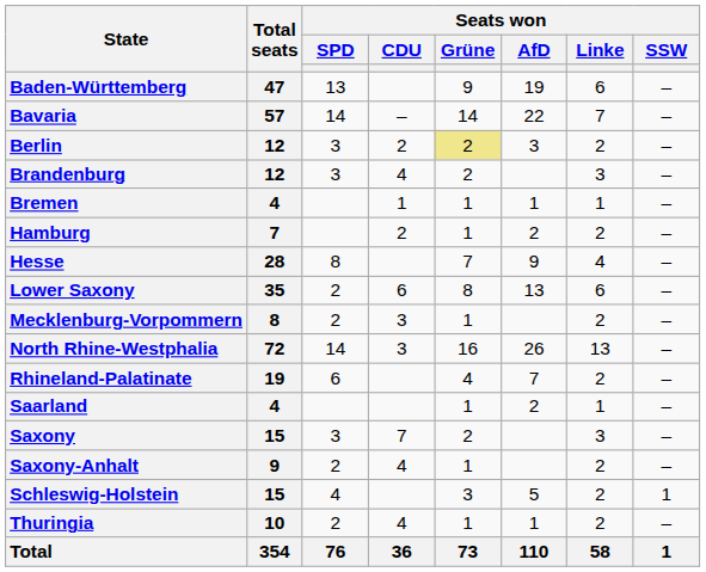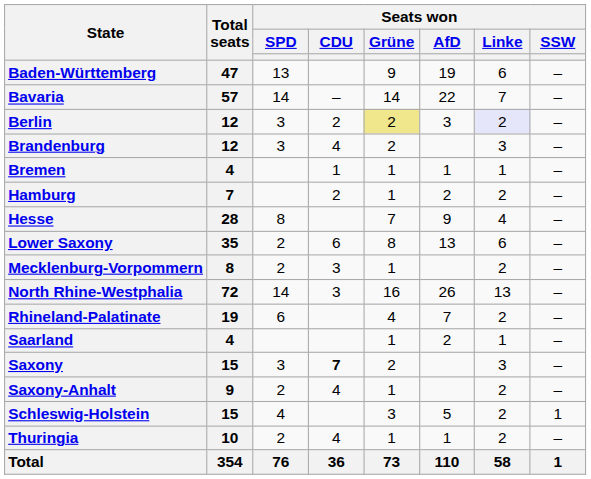 <table class="wikitable" style="text-align:center; font-size: 0.9em;">
 <tr>
 <th rowspan="3">State</th>
 <th rowspan="3">Total<br>seats</th>
 <th colspan="6">Seats won</th>
 </tr>
 <tr>
 <th class="unsortable" style="width:45px;"><a href='#'>SPD</a></th>
 <th class="unsortable" style="width:45px;"><a href='#'>CDU</a></th>
 <th class="unsortable" style="width:45px;"><a href='#'>Grüne</a></th>
 <th class="unsortable" style="width:45px;"><a href='#'>AfD</a></th>
 <th class="unsortable" style="width:45px;"><a href='#'>Linke</a></th>
 <th class="unsortable" style="width:45px;"><a href='#'>SSW</a></th>
 </tr>
 <tr>
 <th style="background:"></th>
 <th style="background:"></th>
 <th style="background:"></th>
 <th style="background:"></th>
 <th style="background:"></th>
 <th style="background:"></th>
 </tr>
 <tr>
 <th style="text-align: left;"><a href='#'>Baden-Württemberg</a></th>
 <th>47</th>
 <td>13</td>
 <td></td>
 <td>9</td>
 <td>19</td>
 <td>6</td>
 <td>–</td>
 </tr>
 <tr>
 <th style="text-align: left;"><a href='#'>Bavaria</a></th>
 <th>57</th>
 <td>14</td>
 <td>–</td>
 <td>14</td>
 <td>22</td>
 <td>7</td>
 <td>–</td>
 </tr>
 <tr>
 <th style="text-align: left;"><a href='#'>Berlin</a></th>
 <th>12</th>
 <td>3</td>
 <td>2</td>
 <td style="background: khaki;">2</td>
 <td>3</td>
-<td>2</td>
+<td style="background: lavender;">2</td>
 <td>–</td>
 </tr>
 <tr>
 <th style="text-align: left;"><a href='#'>Brandenburg</a></th>
 <th>12</th>
 <td>3</td>
 <td>4</td>
 <td>2</td>
 <td></td>
 <td>3</td>
 <td>–</td>
 </tr>
 <tr>
 <th style="text-align: left;"><a href='#'>Bremen</a></th>
 <th>4</th>
 <td></td>
 <td>1</td>
 <td>1</td>
 <td>1</td>
 <td>1</td>
 <td>–</td>
 </tr>
 <tr>
 <th style="text-align: left;"><a href='#'>Hamburg</a></th>
 <th>7</th>
 <td></td>
 <td>2</td>
 <td>1</td>
 <td>2</td>
 <td>2</td>
 <td>–</td>
 </tr>
 <tr>
 <th style="text-align: left;"><a href='#'>Hesse</a></th>
 <th>28</th>
 <td>8</td>
 <td></td>
 <td>7</td>
 <td>9</td>
 <td>4</td>
 <td>–</td>
 </tr>
 <tr>
 <th style="text-align: left;"><a href='#'>Lower Saxony</a></th>
 <th>35</th>
 <td>2</td>
 <td>6</td>
 <td>8</td>
 <td>13</td>
 <td>6</td>
 <td>–</td>
 </tr>
 <tr>
 <th style="text-align: left;"><a href='#'>Mecklenburg-Vorpommern</a></th>
 <th>8</th>
 <td>2</td>
 <td>3</td>
 <td>1</td>
 <td></td>
 <td>2</td>
 <td>–</td>
 </tr>
 <tr>
 <th style="text-align: left;"><a href='#'>North Rhine-Westphalia</a></th>
 <th>72</th>
 <td>14</td>
 <td>3</td>
 <td>16</td>
 <td>26</td>
 <td>13</td>
 <td>–</td>
 </tr>
 <tr class="sortbottom">
 <th style="text-align: left;"><a href='#'>Rhineland-Palatinate</a></th>
 <th>19</th>
 <td>6</td>
 <td></td>
 <td>4</td>
 <td>7</td>
 <td>2</td>
 <td>–</td>
 </tr>
 <tr>
 <th style="text-align: left;"><a href='#'>Saarland</a></th>
 <th>4</th>
 <td></td>
 <td></td>
 <td>1</td>
 <td>2</td>
 <td>1</td>
 <td>–</td>
 </tr>
 <tr>
 <th style="text-align: left;"><a href='#'>Saxony</a></th>
 <th>15</th>
 <td>3</td>
-<td>7</td>
+<td><strong>7</strong></td>
 <td>2</td>
 <td></td>
 <td>3</td>
 <td>–</td>
 </tr>
 <tr>
 <th style="text-align: left;"><a href='#'>Saxony-Anhalt</a></th>
 <th>9</th>
 <td>2</td>
 <td>4</td>
 <td>1</td>
 <td></td>
 <td>2</td>
 <td>–</td>
 </tr>
 <tr>
 <th style="text-align: left;"><a href='#'>Schleswig-Holstein</a></th>
 <th>15</th>
 <td>4</td>
 <td></td>
 <td>3</td>
 <td>5</td>
 <td>2</td>
 <td>1</td>
 </tr>
 <tr>
 <th style="text-align: left;"><a href='#'>Thuringia</a></th>
 <th>10</th>
 <td>2</td>
 <td>4</td>
 <td>1</td>
 <td>1</td>
 <td>2</td>
 <td>–</td>
 </tr>
 <tr>
 <th style="text-align: left;">Total</th>
 <th>354</th>
 <th>76</th>
 <th>36</th>
 <th>73</th>
 <th>110</th>
 <th>58</th>
 <th>1</th>
 </tr>
 </table>
